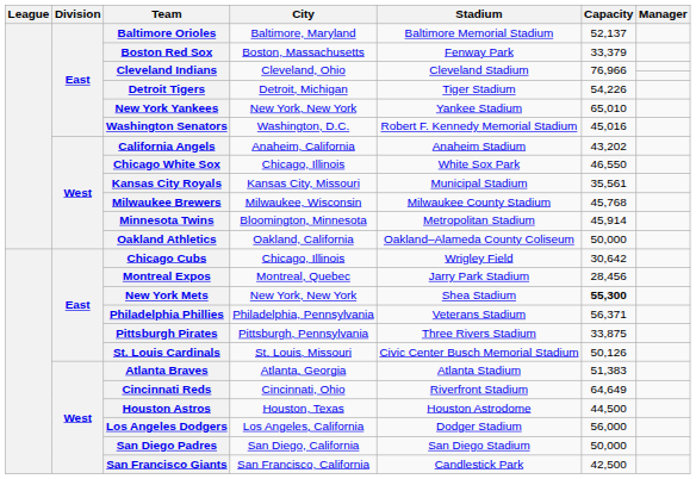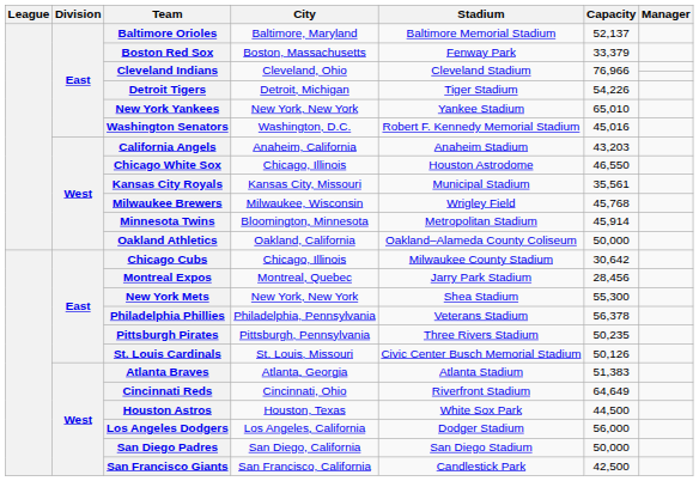 <table class="wikitable sortable plainrowheaders" style="text-align:center;">
 <tr>
 <th scope="col">League</th>
 <th scope="col">Division</th>
 <th scope="col">Team</th>
 <th scope="col">City</th>
 <th scope="col">Stadium</th>
 <th scope="col">Capacity</th>
 <th scope="col">Manager</th>
 </tr>
 <tr>
 <th rowspan="13"></th>
 <th rowspan="7"><a href='#'>East</a></th>
 <th scope="row"><a href='#'>Baltimore Orioles</a></th>
 <td><a href='#'>Baltimore, Maryland</a></td>
 <td><a href='#'>Baltimore Memorial Stadium</a></td>
 <td>52,137</td>
 <td></td>
 </tr>
 <tr>
 <th scope="row"><a href='#'>Boston Red Sox</a></th>
 <td><a href='#'>Boston, Massachusetts</a></td>
 <td><a href='#'>Fenway Park</a></td>
 <td>33,379</td>
 <td></td>
 </tr>
 <tr>
 <th rowspan="2" scope="row"><a href='#'>Cleveland Indians</a></th>
 <td rowspan="2"><a href='#'>Cleveland, Ohio</a></td>
 <td rowspan="2"><a href='#'>Cleveland Stadium</a></td>
 <td rowspan="2">76,966</td>
 <td></td>
 </tr>
 <tr>
 <td></td>
 </tr>
 <tr>
 <th scope="row"><a href='#'>Detroit Tigers</a></th>
 <td><a href='#'>Detroit, Michigan</a></td>
 <td><a href='#'>Tiger Stadium</a></td>
 <td>54,226</td>
 <td></td>
 </tr>
 <tr>
 <th scope="row"><a href='#'>New York Yankees</a></th>
 <td><a href='#'>New York, New York</a></td>
 <td><a href='#'>Yankee Stadium</a></td>
 <td>65,010</td>
 <td></td>
 </tr>
 <tr>
 <th scope="row"><a href='#'>Washington Senators</a></th>
 <td><a href='#'>Washington, D.C.</a></td>
 <td><a href='#'>Robert F. Kennedy Memorial Stadium</a></td>
 <td>45,016</td>
 <td></td>
 </tr>
 <tr>
 <th rowspan="6"><a href='#'>West</a></th>
 <th scope="row"><a href='#'>California Angels</a></th>
 <td><a href='#'>Anaheim, California</a></td>
 <td><a href='#'>Anaheim Stadium</a></td>
-<td>43,202</td>
+<td>43,203</td>
 <td></td>
 </tr>
 <tr>
 <th scope="row"><a href='#'>Chicago White Sox</a></th>
 <td><a href='#'>Chicago, Illinois</a></td>
-<td><a href='#'>White Sox Park</a></td>
+<td><a href='#'>Houston Astrodome</a></td>
 <td>46,550</td>
 <td></td>
 </tr>
 <tr>
 <th scope="row"><a href='#'>Kansas City Royals</a></th>
 <td><a href='#'>Kansas City, Missouri</a></td>
 <td><a href='#'>Municipal Stadium</a></td>
 <td>35,561</td>
 <td></td>
 </tr>
 <tr>
 <th scope="row"><a href='#'>Milwaukee Brewers</a></th>
 <td><a href='#'>Milwaukee, Wisconsin</a></td>
-<td><a href='#'>Milwaukee County Stadium</a></td>
+<td><a href='#'>Wrigley Field</a></td>
 <td>45,768</td>
 <td></td>
 </tr>
 <tr>
 <th scope="row"><a href='#'>Minnesota Twins</a></th>
 <td><a href='#'>Bloomington, Minnesota</a></td>
 <td><a href='#'>Metropolitan Stadium</a></td>
 <td>45,914</td>
 <td></td>
 </tr>
 <tr>
 <th scope="row"><a href='#'>Oakland Athletics</a></th>
 <td><a href='#'>Oakland, California</a></td>
 <td><a href='#'>Oakland–Alameda County Coliseum</a></td>
 <td>50,000</td>
 <td></td>
 </tr>
 <tr>
 <th rowspan="15"></th>
 <th rowspan="6"><a href='#'>East</a></th>
 <th scope="row"><a href='#'>Chicago Cubs</a></th>
 <td><a href='#'>Chicago, Illinois</a></td>
-<td><a href='#'>Wrigley Field</a></td>
+<td><a href='#'>Milwaukee County Stadium</a></td>
 <td>30,642</td>
 <td></td>
 </tr>
 <tr>
 <th scope="row"><a href='#'>Montreal Expos</a></th>
 <td><a href='#'>Montreal, Quebec</a></td>
 <td><a href='#'>Jarry Park Stadium</a></td>
 <td>28,456</td>
 <td></td>
 </tr>
 <tr>
 <th scope="row"><a href='#'>New York Mets</a></th>
 <td><a href='#'>New York, New York</a></td>
 <td><a href='#'>Shea Stadium</a></td>
-<td><strong>55,300</strong></td>
+<td>55,300</td>
 <td></td>
 </tr>
 <tr>
 <th scope="row"><a href='#'>Philadelphia Phillies</a></th>
 <td><a href='#'>Philadelphia, Pennsylvania</a></td>
 <td><a href='#'>Veterans Stadium</a></td>
-<td>56,371</td>
+<td>56,378</td>
 <td></td>
 </tr>
 <tr>
 <th scope="row"><a href='#'>Pittsburgh Pirates</a></th>
 <td><a href='#'>Pittsburgh, Pennsylvania</a></td>
 <td><a href='#'>Three Rivers Stadium</a></td>
-<td>33,875</td>
+<td>50,235</td>
 <td></td>
 </tr>
 <tr>
 <th scope="row"><a href='#'>St. Louis Cardinals</a></th>
 <td><a href='#'>St. Louis, Missouri</a></td>
 <td><a href='#'>Civic Center Busch Memorial Stadium</a></td>
 <td>50,126</td>
 <td></td>
 </tr>
 <tr>
 <th rowspan="6"><a href='#'>West</a></th>
 <th scope="row"><a href='#'>Atlanta Braves</a></th>
 <td><a href='#'>Atlanta, Georgia</a></td>
 <td><a href='#'>Atlanta Stadium</a></td>
 <td>51,383</td>
 <td></td>
 </tr>
 <tr>
 <th scope="row"><a href='#'>Cincinnati Reds</a></th>
 <td><a href='#'>Cincinnati, Ohio</a></td>
 <td><a href='#'>Riverfront Stadium</a></td>
 <td>64,649</td>
 <td></td>
 </tr>
 <tr>
 <th scope="row"><a href='#'>Houston Astros</a></th>
 <td><a href='#'>Houston, Texas</a></td>
-<td><a href='#'>Houston Astrodome</a></td>
+<td><a href='#'>White Sox Park</a></td>
 <td>44,500</td>
 <td></td>
 </tr>
 <tr>
 <th scope="row"><a href='#'>Los Angeles Dodgers</a></th>
 <td><a href='#'>Los Angeles, California</a></td>
 <td><a href='#'>Dodger Stadium</a></td>
 <td>56,000</td>
 <td></td>
 </tr>
 <tr>
 <th scope="row"><a href='#'>San Diego Padres</a></th>
 <td><a href='#'>San Diego, California</a></td>
 <td><a href='#'>San Diego Stadium</a></td>
 <td>50,000</td>
 <td></td>
 </tr>
 <tr>
 <th scope="row"><a href='#'>San Francisco Giants</a></th>
 <td><a href='#'>San Francisco, California</a></td>
 <td><a href='#'>Candlestick Park</a></td>
 <td>42,500</td>
 <td></td>
 </tr>
 </table>
